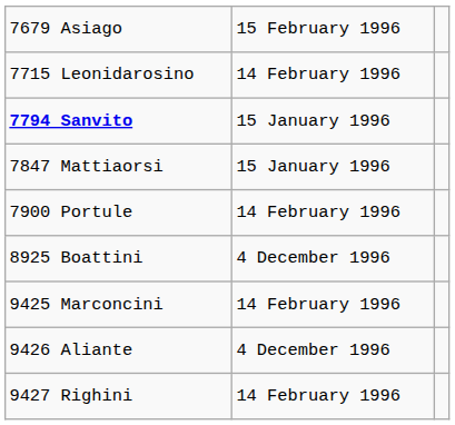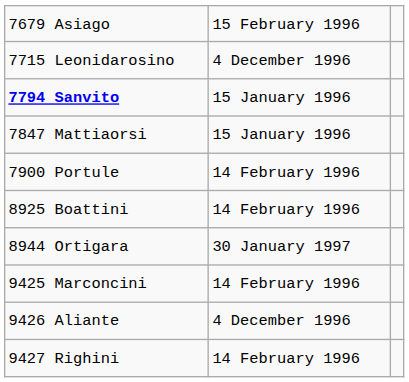 <table class="wikitable" style="font-size: 89%; float: left; width: 26em; margin-right: 1em; height: 280px;">
 <tr>
 <td>7679 Asiago</td>
 <td>15 February 1996</td>
 <td> </td>
 </tr>
 <tr>
 <td>7715 Leonidarosino</td>
-<td>14 February 1996</td>
+<td>4 December 1996</td>
 <td> </td>
 </tr>
 <tr>
 <td><strong><a href='#'>7794 Sanvito</a></strong></td>
 <td>15 January 1996</td>
 <td> </td>
 </tr>
 <tr>
 <td>7847 Mattiaorsi</td>
 <td>15 January 1996</td>
 <td> </td>
 </tr>
 <tr>
 <td>7900 Portule</td>
 <td>14 February 1996</td>
 <td> </td>
 </tr>
 <tr>
 <td>8925 Boattini</td>
-<td>4 December 1996</td>
+<td>14 February 1996</td>
+<td> </td>
+</tr>
+<tr>
+<td>8944 Ortigara</td>
+<td>30 January 1997</td>
 <td> </td>
 </tr>
 <tr>
 <td>9425 Marconcini</td>
 <td>14 February 1996</td>
 <td> </td>
 </tr>
 <tr>
 <td>9426 Aliante</td>
 <td>4 December 1996</td>
 <td> </td>
 </tr>
 <tr>
 <td>9427 Righini</td>
 <td>14 February 1996</td>
 <td> </td>
 </tr>
 </table>
